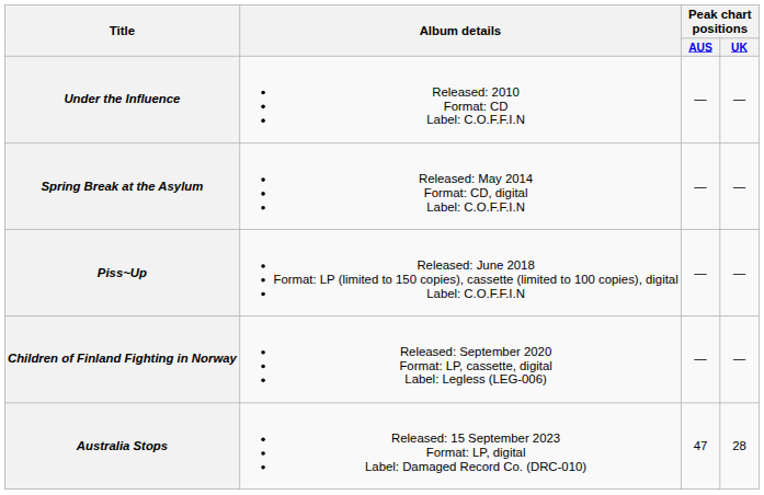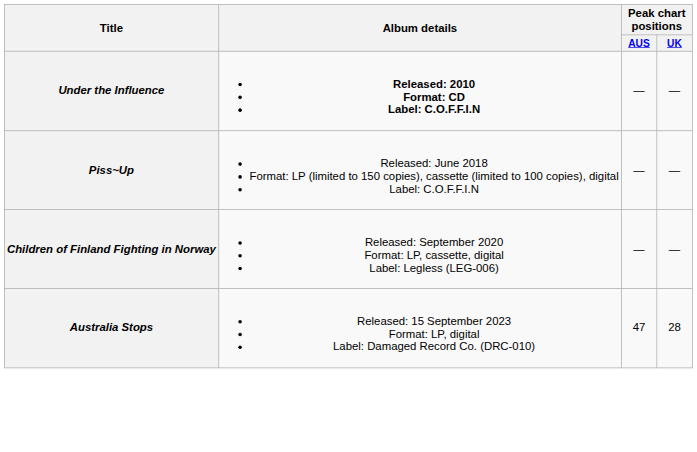 <table class="wikitable plainrowheaders" style="text-align:center">
 <tr>
 <th scope="col" rowspan="2">Title</th>
 <th scope="col" rowspan="2">Album details</th>
 <th scope="col" colspan="2">Peak chart positions</th>
 </tr>
 <tr>
 <th scope="col" style="width:3em; font-size:90%"><a href='#'>AUS</a><br></th>
 <th scope="col" style="width:3em; font-size:90%"><a href='#'>UK</a><br></th>
 </tr>
 <tr>
 <th scope="row"><em>Under the Influence</em></th>
-<td><br><ul><li>Released: 2010</li><li>Format: CD</li><li>Label: C.O.F.F.I.N</li></ul></td>
-<td>—</td>
-<td>—</td>
-</tr>
-<tr>
-<th scope="row"><em>Spring Break at the Asylum</em></th>
-<td><br><ul><li>Released: May 2014</li><li>Format: CD, digital</li><li>Label: C.O.F.F.I.N</li></ul></td>
+<td><strong><br><ul><li>Released: 2010</li><li>Format: CD</li><li>Label: C.O.F.F.I.N</li></ul></strong></td>
 <td>—</td>
 <td>—</td>
 </tr>
 <tr>
 <th scope="row"><em>Piss~Up</em></th>
 <td><br><ul><li>Released: June 2018</li><li>Format: LP (limited to 150 copies), cassette (limited to 100 copies), digital</li><li>Label: C.O.F.F.I.N</li></ul></td>
 <td>—</td>
 <td>—</td>
 </tr>
 <tr>
 <th scope="row"><em>Children of Finland Fighting in Norway</em></th>
 <td><br><ul><li>Released: September 2020</li><li>Format: LP, cassette, digital</li><li>Label: Legless (LEG-006)</li></ul></td>
 <td>—</td>
 <td>—</td>
 </tr>
 <tr>
 <th scope="row"><em>Australia Stops</em></th>
 <td><br><ul><li>Released: 15 September 2023</li><li>Format: LP, digital</li><li>Label: Damaged Record Co. (DRC-010)</li></ul></td>
 <td>47</td>
 <td>28</td>
 </tr>
 </table>
